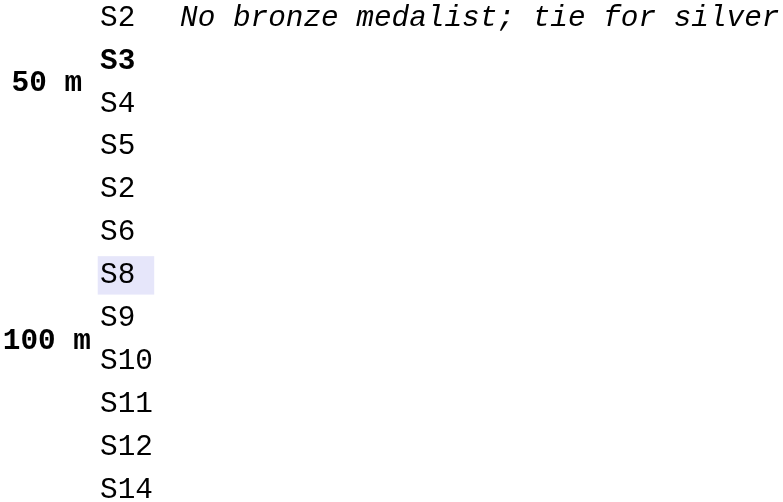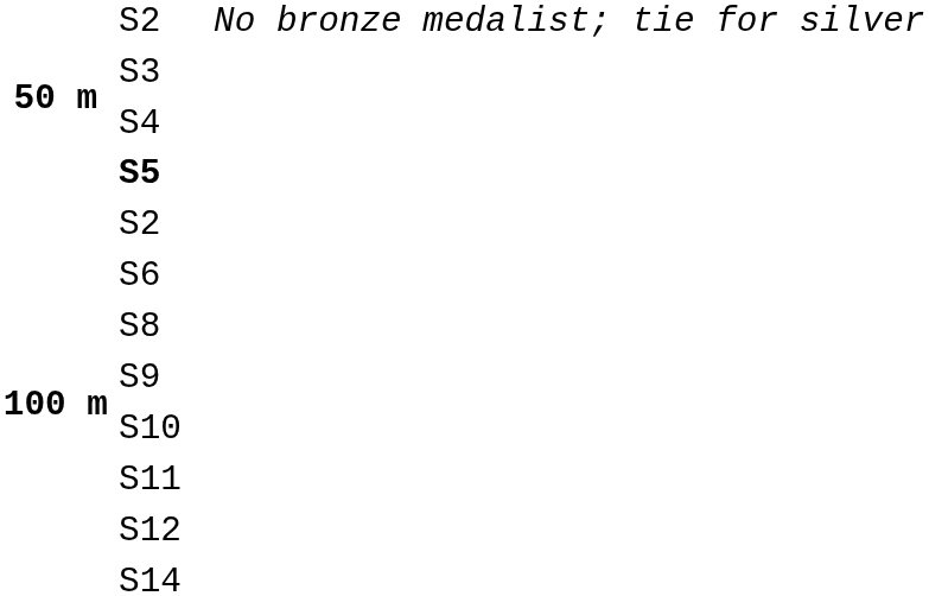 <table>
 <tr>
 <th rowspan="4">50 m</th>
 <td>S2 <br></td>
 <td></td>
 <td><br></td>
 <td><em>No bronze medalist; tie for silver</em></td>
 </tr>
 <tr>
-<td><strong>S3 <br></strong></td>
+<td>S3 <br></td>
 <td></td>
 <td></td>
 <td></td>
 </tr>
 <tr>
 <td>S4 <br></td>
 <td></td>
 <td></td>
 <td></td>
 </tr>
 <tr>
-<td>S5 <br></td>
+<td><strong>S5 <br></strong></td>
 <td></td>
 <td></td>
 <td></td>
 </tr>
 <tr>
 <th rowspan="8">100 m</th>
 <td>S2 <br></td>
 <td></td>
 <td></td>
 <td></td>
 </tr>
 <tr>
 <td>S6 <br></td>
 <td></td>
 <td></td>
 <td></td>
 </tr>
 <tr>
-<td style="background: lavender;">S8 <br></td>
+<td>S8 <br></td>
 <td></td>
 <td></td>
 <td></td>
 </tr>
 <tr>
 <td>S9 <br></td>
 <td></td>
 <td></td>
 <td></td>
 </tr>
 <tr>
 <td>S10 <br></td>
 <td></td>
 <td></td>
 <td></td>
 </tr>
 <tr>
 <td>S11 <br></td>
 <td></td>
 <td></td>
 <td></td>
 </tr>
 <tr>
 <td>S12 <br></td>
 <td></td>
 <td></td>
 <td></td>
 </tr>
 <tr>
 <td>S14 <br></td>
 <td></td>
 <td></td>
 <td></td>
 </tr>
 </table>
